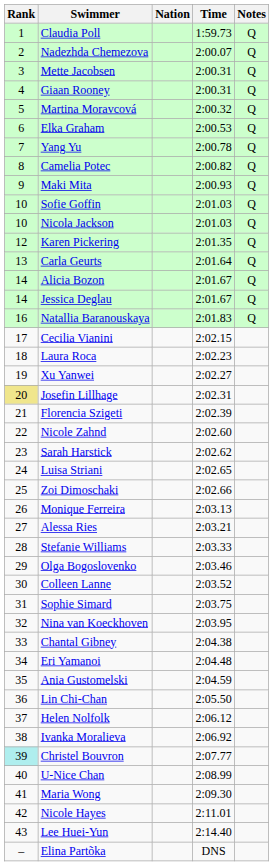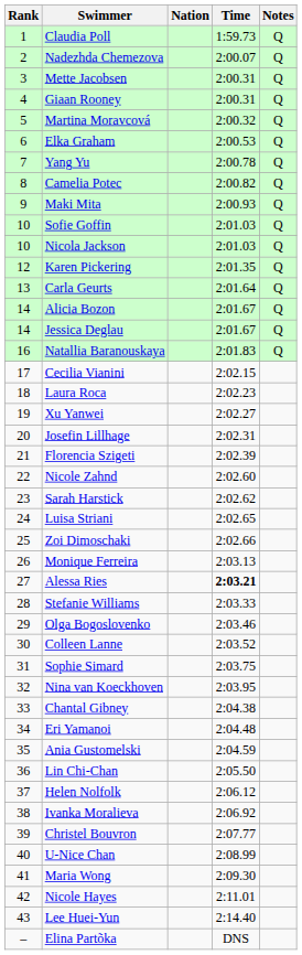 <table class="wikitable sortable" style="text-align:center">
 <tr>
 <th>Rank</th>
 <th>Swimmer</th>
 <th>Nation</th>
 <th>Time</th>
 <th>Notes</th>
 </tr>
 <tr bgcolor=ccffcc>
 <td>1</td>
 <td align=left><a href='#'>Claudia Poll</a></td>
 <td align=left></td>
 <td>1:59.73</td>
 <td>Q</td>
 </tr>
 <tr bgcolor=ccffcc>
 <td>2</td>
 <td align=left><a href='#'>Nadezhda Chemezova</a></td>
 <td align=left></td>
 <td>2:00.07</td>
 <td>Q</td>
 </tr>
 <tr bgcolor=ccffcc>
 <td>3</td>
 <td align=left><a href='#'>Mette Jacobsen</a></td>
 <td align=left></td>
 <td>2:00.31</td>
 <td>Q</td>
 </tr>
 <tr bgcolor=ccffcc>
 <td>4</td>
 <td align=left><a href='#'>Giaan Rooney</a></td>
 <td align=left></td>
 <td>2:00.31</td>
 <td>Q</td>
 </tr>
 <tr bgcolor=ccffcc>
 <td>5</td>
 <td align=left><a href='#'>Martina Moravcová</a></td>
 <td align=left></td>
 <td>2:00.32</td>
 <td>Q</td>
 </tr>
 <tr bgcolor=ccffcc>
 <td>6</td>
 <td align=left><a href='#'>Elka Graham</a></td>
 <td align=left></td>
 <td>2:00.53</td>
 <td>Q</td>
 </tr>
 <tr bgcolor=ccffcc>
 <td>7</td>
 <td align=left><a href='#'>Yang Yu</a></td>
 <td align=left></td>
 <td>2:00.78</td>
 <td>Q</td>
 </tr>
 <tr bgcolor=ccffcc>
 <td>8</td>
 <td align=left><a href='#'>Camelia Potec</a></td>
 <td align=left></td>
 <td>2:00.82</td>
 <td>Q</td>
 </tr>
 <tr bgcolor=ccffcc>
 <td>9</td>
 <td align=left><a href='#'>Maki Mita</a></td>
 <td align=left></td>
 <td>2:00.93</td>
 <td>Q</td>
 </tr>
 <tr bgcolor=ccffcc>
 <td>10</td>
 <td align=left><a href='#'>Sofie Goffin</a></td>
 <td align=left></td>
 <td>2:01.03</td>
 <td>Q</td>
 </tr>
 <tr bgcolor=ccffcc>
 <td>10</td>
 <td align=left><a href='#'>Nicola Jackson</a></td>
 <td align=left></td>
 <td>2:01.03</td>
 <td>Q</td>
 </tr>
 <tr bgcolor=ccffcc>
 <td>12</td>
 <td align=left><a href='#'>Karen Pickering</a></td>
 <td align=left></td>
 <td>2:01.35</td>
 <td>Q</td>
 </tr>
 <tr bgcolor=ccffcc>
 <td>13</td>
 <td align=left><a href='#'>Carla Geurts</a></td>
 <td align=left></td>
 <td>2:01.64</td>
 <td>Q</td>
 </tr>
 <tr bgcolor=ccffcc>
 <td>14</td>
 <td align=left><a href='#'>Alicia Bozon</a></td>
 <td align=left></td>
 <td>2:01.67</td>
 <td>Q</td>
 </tr>
 <tr bgcolor=ccffcc>
 <td>14</td>
 <td align=left><a href='#'>Jessica Deglau</a></td>
 <td align=left></td>
 <td>2:01.67</td>
 <td>Q</td>
 </tr>
 <tr bgcolor=ccffcc>
 <td>16</td>
 <td align=left><a href='#'>Natallia Baranouskaya</a></td>
 <td align=left></td>
 <td>2:01.83</td>
 <td>Q</td>
 </tr>
 <tr>
 <td>17</td>
 <td align=left><a href='#'>Cecilia Vianini</a></td>
 <td align=left></td>
 <td>2:02.15</td>
 <td></td>
 </tr>
 <tr>
 <td>18</td>
 <td align=left><a href='#'>Laura Roca</a></td>
 <td align=left></td>
 <td>2:02.23</td>
 <td></td>
 </tr>
 <tr>
 <td>19</td>
 <td align=left><a href='#'>Xu Yanwei</a></td>
 <td align=left></td>
 <td>2:02.27</td>
 <td></td>
 </tr>
 <tr>
-<td style="background: khaki;">20</td>
+<td>20</td>
 <td align=left><a href='#'>Josefin Lillhage</a></td>
 <td align=left></td>
 <td>2:02.31</td>
 <td></td>
 </tr>
 <tr>
 <td>21</td>
 <td align=left><a href='#'>Florencia Szigeti</a></td>
 <td align=left></td>
 <td>2:02.39</td>
 <td></td>
 </tr>
 <tr>
 <td>22</td>
 <td align=left><a href='#'>Nicole Zahnd</a></td>
 <td align=left></td>
 <td>2:02.60</td>
 <td></td>
 </tr>
 <tr>
 <td>23</td>
 <td align=left><a href='#'>Sarah Harstick</a></td>
 <td align=left></td>
 <td>2:02.62</td>
 <td></td>
 </tr>
 <tr>
 <td>24</td>
 <td align=left><a href='#'>Luisa Striani</a></td>
 <td align=left></td>
 <td>2:02.65</td>
 <td></td>
 </tr>
 <tr>
 <td>25</td>
 <td align=left><a href='#'>Zoi Dimoschaki</a></td>
 <td align=left></td>
 <td>2:02.66</td>
 <td></td>
 </tr>
 <tr>
 <td>26</td>
 <td align=left><a href='#'>Monique Ferreira</a></td>
 <td align=left></td>
 <td>2:03.13</td>
 <td></td>
 </tr>
 <tr>
 <td>27</td>
 <td align=left><a href='#'>Alessa Ries</a></td>
 <td align=left></td>
-<td>2:03.21</td>
+<td><strong>2:03.21</strong></td>
 <td></td>
 </tr>
 <tr>
 <td>28</td>
 <td align=left><a href='#'>Stefanie Williams</a></td>
 <td align=left></td>
 <td>2:03.33</td>
 <td></td>
 </tr>
 <tr>
 <td>29</td>
 <td align=left><a href='#'>Olga Bogoslovenko</a></td>
 <td align=left></td>
 <td>2:03.46</td>
 <td></td>
 </tr>
 <tr>
 <td>30</td>
 <td align=left><a href='#'>Colleen Lanne</a></td>
 <td align=left></td>
 <td>2:03.52</td>
 <td></td>
 </tr>
 <tr>
 <td>31</td>
 <td align=left><a href='#'>Sophie Simard</a></td>
 <td align=left></td>
 <td>2:03.75</td>
 <td></td>
 </tr>
 <tr>
 <td>32</td>
 <td align=left><a href='#'>Nina van Koeckhoven</a></td>
 <td align=left></td>
 <td>2:03.95</td>
 <td></td>
 </tr>
 <tr>
 <td>33</td>
 <td align=left><a href='#'>Chantal Gibney</a></td>
 <td align=left></td>
 <td>2:04.38</td>
 <td></td>
 </tr>
 <tr>
 <td>34</td>
 <td align=left><a href='#'>Eri Yamanoi</a></td>
 <td align=left></td>
 <td>2:04.48</td>
 <td></td>
 </tr>
 <tr>
 <td>35</td>
 <td align=left><a href='#'>Ania Gustomelski</a></td>
 <td align=left></td>
 <td>2:04.59</td>
 <td></td>
 </tr>
 <tr>
 <td>36</td>
 <td align=left><a href='#'>Lin Chi-Chan</a></td>
 <td align=left></td>
 <td>2:05.50</td>
 <td></td>
 </tr>
 <tr>
 <td>37</td>
 <td align=left><a href='#'>Helen Nolfolk</a></td>
 <td align=left></td>
 <td>2:06.12</td>
 <td></td>
 </tr>
 <tr>
 <td>38</td>
 <td align=left><a href='#'>Ivanka Moralieva</a></td>
 <td align=left></td>
 <td>2:06.92</td>
 <td></td>
 </tr>
 <tr>
-<td style="background: paleturquoise;">39</td>
+<td>39</td>
 <td align=left><a href='#'>Christel Bouvron</a></td>
 <td align=left></td>
 <td>2:07.77</td>
 <td></td>
 </tr>
 <tr>
 <td>40</td>
 <td align=left><a href='#'>U-Nice Chan</a></td>
 <td align=left></td>
 <td>2:08.99</td>
 <td></td>
 </tr>
 <tr>
 <td>41</td>
 <td align=left><a href='#'>Maria Wong</a></td>
 <td align=left></td>
 <td>2:09.30</td>
 <td></td>
 </tr>
 <tr>
 <td>42</td>
 <td align=left><a href='#'>Nicole Hayes</a></td>
 <td align=left></td>
 <td>2:11.01</td>
 <td></td>
 </tr>
 <tr>
 <td>43</td>
 <td align=left><a href='#'>Lee Huei-Yun</a></td>
 <td align=left></td>
 <td>2:14.40</td>
 <td></td>
 </tr>
 <tr>
 <td>–</td>
 <td align=left><a href='#'>Elina Partõka</a></td>
 <td align=left></td>
 <td>DNS</td>
 <td></td>
 </tr>
 </table>
